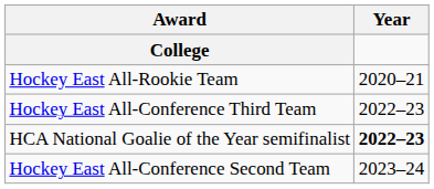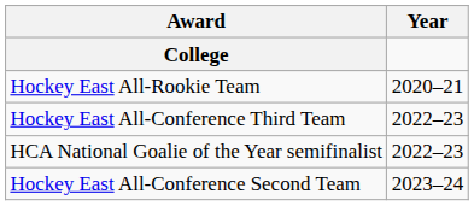 <table class="wikitable">
 <tr>
 <th scope="col">Award</th>
 <th scope="col">Year</th>
 </tr>
 <tr>
 <th>College</th>
 </tr>
 <tr>
 <td><a href='#'>Hockey East</a> All-Rookie Team</td>
 <td>2020–21</td>
 </tr>
 <tr>
 <td><a href='#'>Hockey East</a> All-Conference Third Team</td>
 <td>2022–23</td>
 </tr>
 <tr>
 <td>HCA National Goalie of the Year semifinalist</td>
-<td><strong>2022–23</strong></td>
+<td>2022–23</td>
 </tr>
 <tr>
 <td><a href='#'>Hockey East</a> All-Conference Second Team</td>
 <td>2023–24</td>
 </tr>
 </table>
